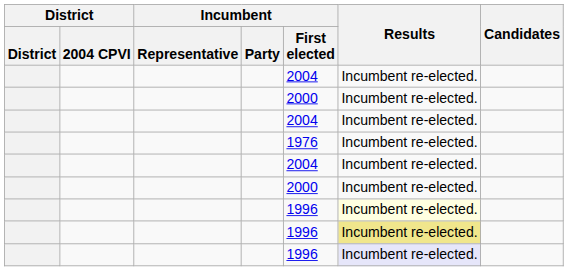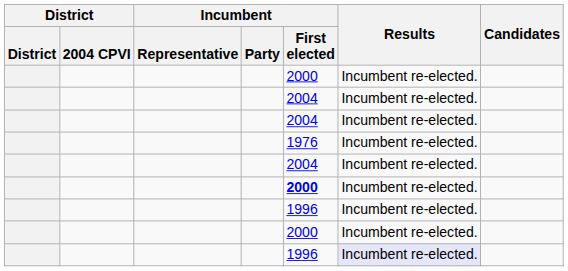 <table class="wikitable sortable">
 <tr>
 <th colspan=2>District</th>
 <th colspan=3>Incumbent</th>
 <th rowspan=2>Results</th>
 <th rowspan=2>Candidates</th>
 </tr>
 <tr valign=bottom>
 <th>District</th>
 <th>2004 CPVI</th>
 <th>Representative</th>
 <th>Party</th>
 <th>First<br>elected</th>
 </tr>
 <tr>
 <th></th>
 <td></td>
 <td></td>
 <td></td>
-<td><a href='#'>2004</a></td>
+<td><a href='#'>2000</a></td>
 <td>Incumbent re-elected.</td>
 <td nowrap></td>
 </tr>
 <tr>
 <th></th>
 <td></td>
 <td></td>
 <td></td>
-<td><a href='#'>2000</a></td>
+<td><a href='#'>2004</a></td>
 <td>Incumbent re-elected.</td>
 <td nowrap></td>
 </tr>
 <tr>
 <th></th>
 <td></td>
 <td></td>
 <td></td>
 <td><a href='#'>2004</a></td>
 <td>Incumbent re-elected.</td>
 <td nowrap></td>
 </tr>
 <tr>
 <th></th>
 <td></td>
 <td></td>
 <td></td>
 <td><a href='#'>1976</a></td>
 <td>Incumbent re-elected.</td>
 <td nowrap></td>
 </tr>
 <tr>
 <th></th>
 <td></td>
 <td></td>
 <td></td>
 <td><a href='#'>2004</a></td>
 <td>Incumbent re-elected.</td>
 <td nowrap></td>
 </tr>
 <tr>
 <th></th>
 <td></td>
 <td></td>
 <td></td>
-<td><a href='#'>2000</a></td>
+<td><strong><a href='#'>2000</a></strong></td>
 <td>Incumbent re-elected.</td>
 <td nowrap></td>
 </tr>
 <tr>
 <th></th>
 <td></td>
 <td></td>
 <td></td>
 <td><a href='#'>1996</a></td>
-<td style="background: lightyellow;">Incumbent re-elected.</td>
+<td>Incumbent re-elected.</td>
 <td nowrap></td>
 </tr>
 <tr>
 <th></th>
 <td></td>
 <td></td>
 <td></td>
-<td><a href='#'>1996</a></td>
-<td style="background: khaki;">Incumbent re-elected.</td>
+<td><a href='#'>2000</a></td>
+<td>Incumbent re-elected.</td>
 <td nowrap></td>
 </tr>
 <tr>
 <th></th>
 <td></td>
 <td></td>
 <td></td>
 <td><a href='#'>1996</a></td>
 <td style="background: lavender;">Incumbent re-elected.</td>
 <td nowrap></td>
 </tr>
 </table>
